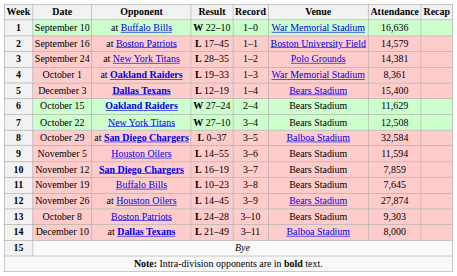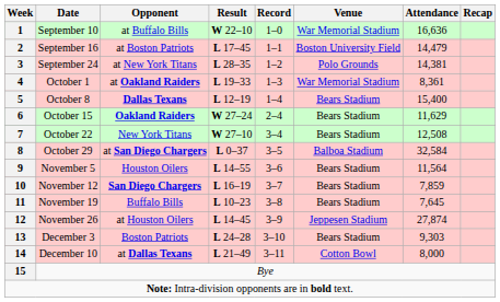 <table class="wikitable" style="text-align:center">
 <tr>
 <th>Week</th>
 <th>Date</th>
 <th>Opponent</th>
 <th>Result</th>
 <th>Record</th>
 <th>Venue</th>
 <th>Attendance</th>
 <th>Recap</th>
 </tr>
 <tr style="background: #cfc;">
 <th>1</th>
 <td>September 10</td>
 <td>at <a href='#'>Buffalo Bills</a></td>
 <td><strong>W</strong> 22–10</td>
 <td>1–0</td>
 <td><a href='#'>War Memorial Stadium</a></td>
 <td>16,636</td>
 <td></td>
 </tr>
 <tr style="background: #fcc;">
 <th>2</th>
 <td>September 16</td>
 <td>at <a href='#'>Boston Patriots</a></td>
 <td><strong>L</strong> 17–45</td>
 <td>1–1</td>
 <td><a href='#'>Boston University Field</a></td>
-<td>14,579</td>
+<td>14,479</td>
 <td></td>
 </tr>
 <tr style="background: #fcc;">
 <th>3</th>
 <td>September 24</td>
 <td>at <a href='#'>New York Titans</a></td>
 <td><strong>L</strong> 28–35</td>
 <td>1–2</td>
 <td><a href='#'>Polo Grounds</a></td>
 <td>14,381</td>
 <td></td>
 </tr>
 <tr style="background: #fcc;">
 <th>4</th>
 <td>October 1</td>
 <td>at <strong><a href='#'>Oakland Raiders</a></strong></td>
 <td><strong>L</strong> 19–33</td>
 <td>1–3</td>
 <td><a href='#'>War Memorial Stadium</a></td>
 <td>8,361</td>
 <td></td>
 </tr>
 <tr style="background: #fcc;">
 <th>5</th>
-<td>December 3</td>
+<td>October 8</td>
 <td><strong><a href='#'>Dallas Texans</a></strong></td>
 <td><strong>L</strong> 12–19</td>
 <td>1–4</td>
 <td><a href='#'>Bears Stadium</a></td>
 <td>15,400</td>
 <td></td>
 </tr>
 <tr style="background: #cfc;">
 <th>6</th>
 <td>October 15</td>
 <td><strong><a href='#'>Oakland Raiders</a></strong></td>
 <td><strong>W</strong> 27–24</td>
 <td>2–4</td>
 <td>Bears Stadium</td>
 <td>11,629</td>
 <td></td>
 </tr>
 <tr style="background: #cfc;">
 <th>7</th>
 <td>October 22</td>
 <td><a href='#'>New York Titans</a></td>
 <td><strong>W</strong> 27–10</td>
 <td>3–4</td>
 <td>Bears Stadium</td>
 <td>12,508</td>
 <td></td>
 </tr>
 <tr style="background: #fcc;">
 <th>8</th>
 <td>October 29</td>
 <td>at <strong><a href='#'>San Diego Chargers</a></strong></td>
 <td><strong>L</strong> 0–37</td>
 <td>3–5</td>
 <td><a href='#'>Balboa Stadium</a></td>
 <td>32,584</td>
 <td></td>
 </tr>
 <tr style="background: #fcc;">
 <th>9</th>
 <td>November 5</td>
 <td><a href='#'>Houston Oilers</a></td>
 <td><strong>L</strong> 14–55</td>
 <td>3–6</td>
 <td>Bears Stadium</td>
-<td>11,594</td>
+<td>11,564</td>
 <td></td>
 </tr>
 <tr style="background: #fcc;">
 <th>10</th>
 <td>November 12</td>
 <td><strong><a href='#'>San Diego Chargers</a></strong></td>
 <td><strong>L</strong> 16–19</td>
 <td>3–7</td>
 <td>Bears Stadium</td>
 <td>7,859</td>
 <td></td>
 </tr>
 <tr style="background: #fcc;">
 <th>11</th>
 <td>November 19</td>
 <td><a href='#'>Buffalo Bills</a></td>
 <td><strong>L</strong> 10–23</td>
 <td>3–8</td>
 <td>Bears Stadium</td>
 <td>7,645</td>
 <td></td>
 </tr>
 <tr style="background: #fcc;">
 <th>12</th>
 <td>November 26</td>
 <td>at <a href='#'>Houston Oilers</a></td>
 <td><strong>L</strong> 14–45</td>
 <td>3–9</td>
-<td><a href='#'>Bears Stadium</a></td>
+<td><a href='#'>Jeppesen Stadium</a></td>
 <td>27,874</td>
 <td></td>
 </tr>
 <tr style="background: #fcc;">
 <th>13</th>
-<td>October 8</td>
+<td>December 3</td>
 <td><a href='#'>Boston Patriots</a></td>
 <td><strong>L</strong> 24–28</td>
 <td>3–10</td>
 <td>Bears Stadium</td>
 <td>9,303</td>
 <td></td>
 </tr>
 <tr style="background: #fcc;">
 <th>14</th>
 <td>December 10</td>
 <td>at <strong><a href='#'>Dallas Texans</a></strong></td>
 <td><strong>L</strong> 21–49</td>
 <td>3–11</td>
-<td><a href='#'>Balboa Stadium</a></td>
+<td><a href='#'>Cotton Bowl</a></td>
 <td>8,000</td>
 <td></td>
 </tr>
 <tr>
 <th>15</th>
 <td align=center colspan=7><em>Bye</em></td>
 </tr>
 <tr>
 <td colspan="8"><strong>Note:</strong> Intra-division opponents are in <strong>bold</strong> text.</td>
 </tr>
 </table>
